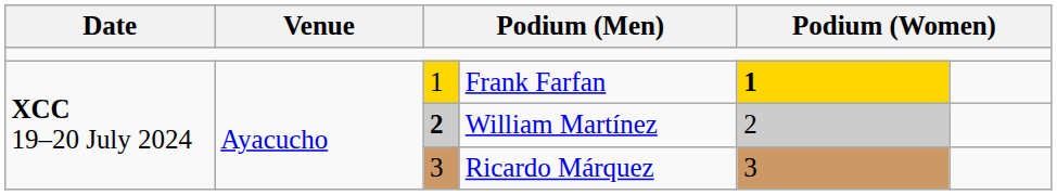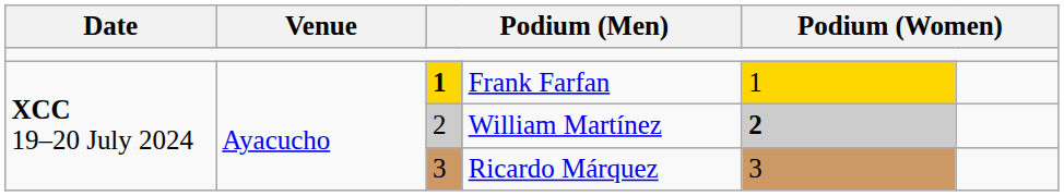 <table class="wikitable" width=70%>
 <tr>
 <th>Date</th>
 <th width=20%>Venue</th>
 <th colspan=2 width=30%>Podium (Men)</th>
 <th colspan=2 width=30%>Podium (Women)</th>
 </tr>
 <tr>
 <td colspan=6></td>
 </tr>
 <tr>
 <td rowspan=3><strong>XCC</strong> <br> 19–20 July 2024</td>
 <td rowspan=3><br><a href='#'>Ayacucho</a></td>
+<td bgcolor=FFD700><strong>1</strong></td>
+<td><a href='#'>Frank Farfan</a></td>
 <td bgcolor=FFD700>1</td>
-<td><a href='#'>Frank Farfan</a></td>
-<td bgcolor=FFD700><strong>1</strong></td>
 <td></td>
 </tr>
 <tr>
+<td bgcolor=CCCCCC>2</td>
+<td><a href='#'>William Martínez</a></td>
 <td bgcolor=CCCCCC><strong>2</strong></td>
-<td><a href='#'>William Martínez</a></td>
-<td bgcolor=CCCCCC>2</td>
 <td></td>
 </tr>
 <tr>
 <td bgcolor=CC9966>3</td>
 <td><a href='#'>Ricardo Márquez</a></td>
 <td bgcolor=CC9966>3</td>
 <td></td>
 </tr>
 </table>
